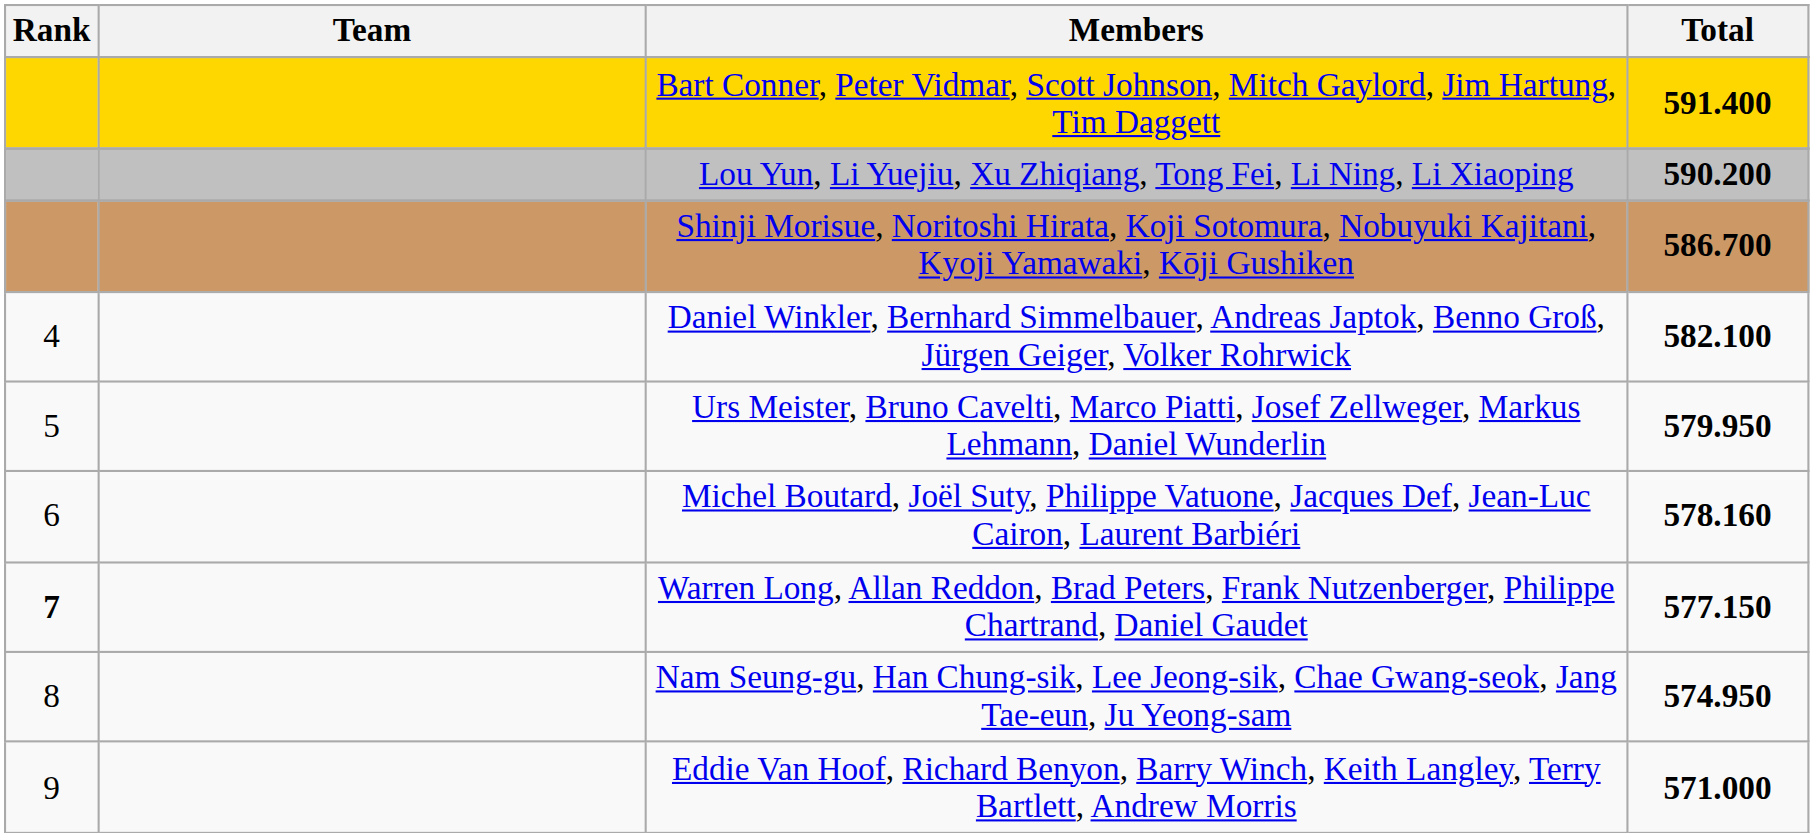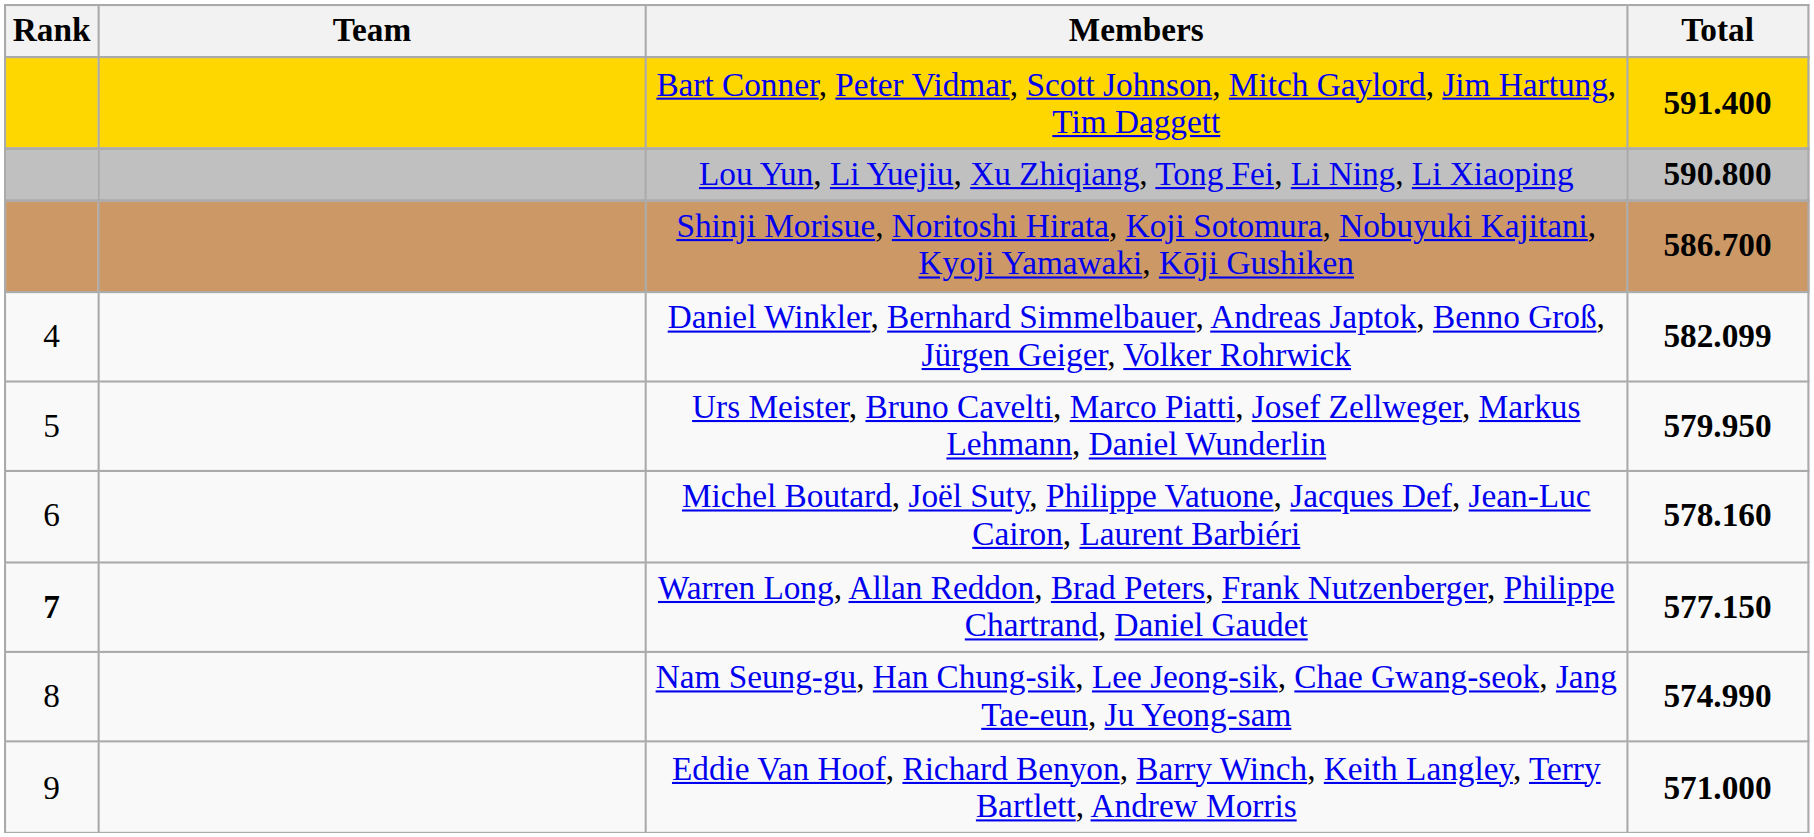 <table class="wikitable" style="text-align:center">
 <tr>
 <th>Rank</th>
 <th style="width:16em">Team</th>
 <th style="width:">Members</th>
 <th style="width:5em">Total</th>
 </tr>
 <tr>
 </tr>
 <tr bgcolor=gold>
 <td></td>
 <td align=left></td>
 <td><a href='#'>Bart Conner</a>, <a href='#'>Peter Vidmar</a>, <a href='#'>Scott Johnson</a>, <a href='#'>Mitch Gaylord</a>, <a href='#'>Jim Hartung</a>, <a href='#'>Tim Daggett</a></td>
 <td><strong>591.400</strong></td>
 </tr>
 <tr>
 </tr>
 <tr bgcolor=silver>
 <td></td>
 <td align=left></td>
 <td><a href='#'>Lou Yun</a>, <a href='#'>Li Yuejiu</a>, <a href='#'>Xu Zhiqiang</a>, <a href='#'>Tong Fei</a>, <a href='#'>Li Ning</a>, <a href='#'>Li Xiaoping</a></td>
-<td><strong>590.200</strong></td>
+<td><strong>590.800</strong></td>
 </tr>
 <tr>
 </tr>
 <tr bgcolor=#CC9966>
 <td></td>
 <td align=left></td>
 <td><a href='#'>Shinji Morisue</a>, <a href='#'>Noritoshi Hirata</a>, <a href='#'>Koji Sotomura</a>, <a href='#'>Nobuyuki Kajitani</a>, <a href='#'>Kyoji Yamawaki</a>, <a href='#'>Kōji Gushiken</a></td>
 <td><strong>586.700</strong></td>
 </tr>
 <tr>
 <td>4</td>
 <td align=left></td>
 <td><a href='#'>Daniel Winkler</a>, <a href='#'>Bernhard Simmelbauer</a>, <a href='#'>Andreas Japtok</a>, <a href='#'>Benno Groß</a>, <a href='#'>Jürgen Geiger</a>, <a href='#'>Volker Rohrwick</a></td>
-<td><strong>582.100</strong></td>
+<td><strong>582.099</strong></td>
 </tr>
 <tr>
 <td>5</td>
 <td align=left></td>
 <td><a href='#'>Urs Meister</a>, <a href='#'>Bruno Cavelti</a>, <a href='#'>Marco Piatti</a>, <a href='#'>Josef Zellweger</a>, <a href='#'>Markus Lehmann</a>, <a href='#'>Daniel Wunderlin</a></td>
 <td><strong>579.950</strong></td>
 </tr>
 <tr>
 <td>6</td>
 <td align=left></td>
 <td><a href='#'>Michel Boutard</a>, <a href='#'>Joël Suty</a>, <a href='#'>Philippe Vatuone</a>, <a href='#'>Jacques Def</a>, <a href='#'>Jean-Luc Cairon</a>, <a href='#'>Laurent Barbiéri</a></td>
 <td><strong>578.160</strong></td>
 </tr>
 <tr>
 <td><strong>7</strong></td>
 <td align=left></td>
 <td><a href='#'>Warren Long</a>, <a href='#'>Allan Reddon</a>, <a href='#'>Brad Peters</a>, <a href='#'>Frank Nutzenberger</a>, <a href='#'>Philippe Chartrand</a>, <a href='#'>Daniel Gaudet</a></td>
 <td><strong>577.150</strong></td>
 </tr>
 <tr>
 <td>8</td>
 <td align=left></td>
 <td><a href='#'>Nam Seung-gu</a>, <a href='#'>Han Chung-sik</a>, <a href='#'>Lee Jeong-sik</a>, <a href='#'>Chae Gwang-seok</a>, <a href='#'>Jang Tae-eun</a>, <a href='#'>Ju Yeong-sam</a></td>
-<td><strong>574.950</strong></td>
+<td><strong>574.990</strong></td>
 </tr>
 <tr>
 <td>9</td>
 <td align=left></td>
 <td><a href='#'>Eddie Van Hoof</a>, <a href='#'>Richard Benyon</a>, <a href='#'>Barry Winch</a>, <a href='#'>Keith Langley</a>, <a href='#'>Terry Bartlett</a>, <a href='#'>Andrew Morris</a></td>
 <td><strong>571.000</strong></td>
 </tr>
 </table>
